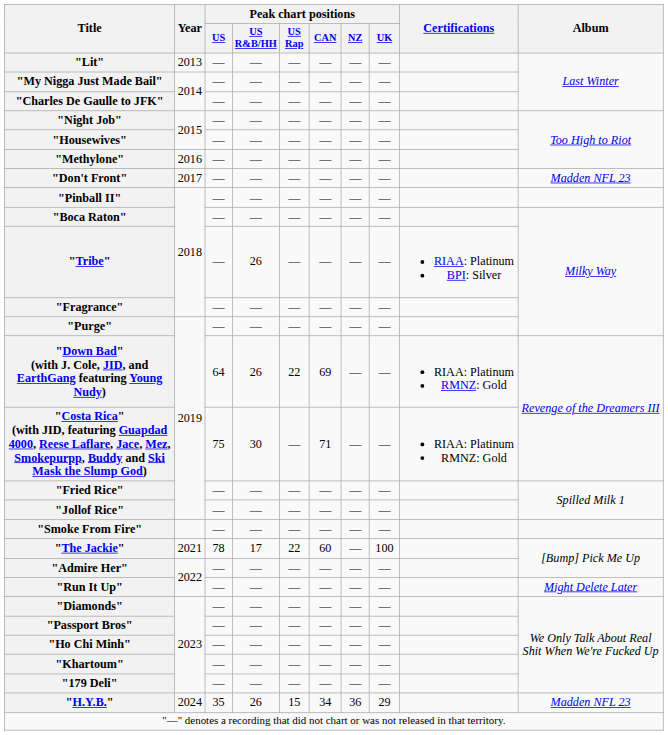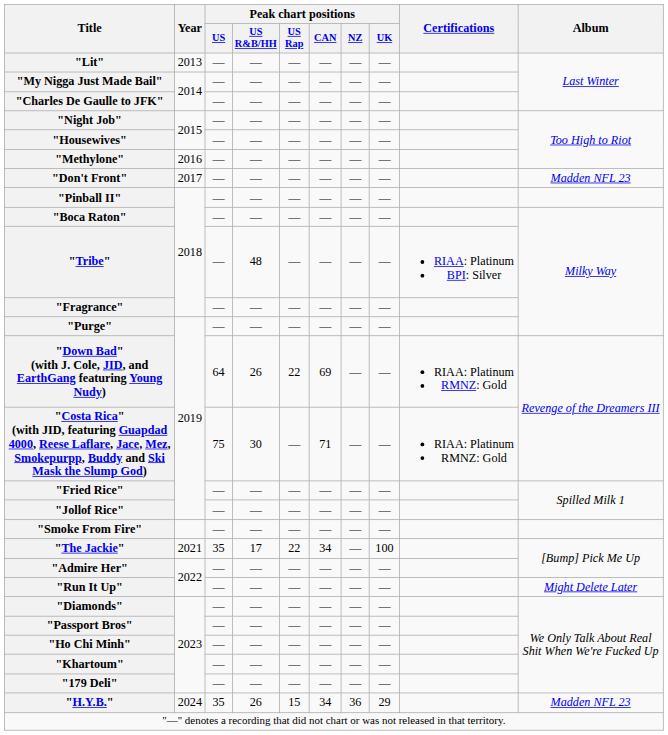 <table class="wikitable plainrowheaders" style="text-align:center;">
 <tr>
 <th scope="col" rowspan="2" style="width:20em;">Title</th>
 <th scope="col" rowspan="2" style="width:1em;">Year</th>
 <th scope="col" colspan="6">Peak chart positions</th>
 <th scope="col" rowspan="2" style="width:12em;"><a href='#'>Certifications</a></th>
 <th scope="col" rowspan="2" style="width:18em;">Album</th>
 </tr>
 <tr>
 <th scope="col" style="width:3em;font-size:85%;"><a href='#'>US</a><br></th>
 <th scope="col" style="width:3em;font-size:85%;"><a href='#'>US<br>R&B/HH</a><br></th>
 <th scope="col" style="width:3em;font-size:85%;"><a href='#'>US<br>Rap</a><br></th>
 <th scope="col" style="width:3em;font-size:85%;"><a href='#'>CAN</a><br></th>
 <th scope="col" style="width:3em;font-size:85%;"><a href='#'>NZ</a><br></th>
 <th scope="col" style="width:3em;font-size:85%;"><a href='#'>UK</a><br></th>
 </tr>
 <tr>
 <th scope="row">"Lit"<br></th>
 <td>2013</td>
 <td>—</td>
 <td>—</td>
 <td>—</td>
 <td>—</td>
 <td>—</td>
 <td>—</td>
 <td></td>
 <td rowspan="3"><em><a href='#'>Last Winter</a></em></td>
 </tr>
 <tr>
 <th scope="row">"My Nigga Just Made Bail"<br></th>
 <td rowspan="2">2014</td>
 <td>—</td>
 <td>—</td>
 <td>—</td>
 <td>—</td>
 <td>—</td>
 <td>—</td>
 <td></td>
 </tr>
 <tr>
 <th scope="row">"Charles De Gaulle to JFK"</th>
 <td>—</td>
 <td>—</td>
 <td>—</td>
 <td>—</td>
 <td>—</td>
 <td>—</td>
 <td></td>
 </tr>
 <tr>
 <th scope="row">"Night Job"<br></th>
 <td rowspan="2">2015</td>
 <td>—</td>
 <td>—</td>
 <td>—</td>
 <td>—</td>
 <td>—</td>
 <td>—</td>
 <td></td>
 <td rowspan="3"><em><a href='#'>Too High to Riot</a></em></td>
 </tr>
 <tr>
 <th scope="row">"Housewives"</th>
 <td>—</td>
 <td>—</td>
 <td>—</td>
 <td>—</td>
 <td>—</td>
 <td>—</td>
 <td></td>
 </tr>
 <tr>
 <th scope="row">"Methylone"</th>
 <td>2016</td>
 <td>—</td>
 <td>—</td>
 <td>—</td>
 <td>—</td>
 <td>—</td>
 <td>—</td>
 <td></td>
 </tr>
 <tr>
 <th scope="row">"Don't Front"</th>
 <td>2017</td>
 <td>—</td>
 <td>—</td>
 <td>—</td>
 <td>—</td>
 <td>—</td>
 <td>—</td>
 <td></td>
 <td><em><a href='#'>Madden NFL 23</a></em></td>
 </tr>
 <tr>
 <th scope="row">"Pinball II"<br></th>
 <td rowspan="4">2018</td>
 <td>—</td>
 <td>—</td>
 <td>—</td>
 <td>—</td>
 <td>—</td>
 <td>—</td>
 <td></td>
 </tr>
 <tr>
 <th scope="row">"Boca Raton"<br></th>
 <td>—</td>
 <td>—</td>
 <td>—</td>
 <td>—</td>
 <td>—</td>
 <td>—</td>
 <td></td>
 <td rowspan="4"><em><a href='#'>Milky Way</a></em></td>
 </tr>
 <tr>
 <th scope="row">"<a href='#'>Tribe</a>"<br></th>
 <td>—</td>
-<td>26</td>
+<td>48</td>
 <td>—</td>
 <td>—</td>
 <td>—</td>
 <td>—</td>
 <td><br><ul><li><a href='#'>RIAA</a>: Platinum</li><li><a href='#'>BPI</a>: Silver</li></ul></td>
 </tr>
 <tr>
 <th scope="row">"Fragrance"<br></th>
 <td>—</td>
 <td>—</td>
 <td>—</td>
 <td>—</td>
 <td>—</td>
 <td>—</td>
 <td></td>
 </tr>
 <tr>
 <th scope="row">"Purge"</th>
 <td rowspan="5">2019</td>
 <td>—</td>
 <td>—</td>
 <td>—</td>
 <td>—</td>
 <td>—</td>
 <td>—</td>
 <td></td>
 </tr>
 <tr>
 <th scope="row">"<a href='#'>Down Bad</a>"<br><span>(with J. Cole, <a href='#'>JID</a>, and <a href='#'>EarthGang</a> featuring <a href='#'>Young Nudy</a>)</span></th>
 <td>64</td>
 <td>26</td>
 <td>22</td>
 <td>69</td>
 <td>—</td>
 <td>—</td>
 <td><br><ul><li>RIAA: Platinum</li><li><a href='#'>RMNZ</a>: Gold</li></ul></td>
 <td rowspan="2"><em><a href='#'>Revenge of the Dreamers III</a></em></td>
 </tr>
 <tr>
 <th scope="row">"<a href='#'>Costa Rica</a>"<br><span>(with JID, featuring <a href='#'>Guapdad 4000</a>, <a href='#'>Reese Laflare</a>, <a href='#'>Jace</a>, <a href='#'>Mez</a>, <a href='#'>Smokepurpp</a>, <a href='#'>Buddy</a> and <a href='#'>Ski Mask the Slump God</a>)</span></th>
 <td>75</td>
 <td>30</td>
 <td>—</td>
 <td>71</td>
 <td>—</td>
 <td>—</td>
 <td><br><ul><li>RIAA: Platinum</li><li>RMNZ: Gold</li></ul></td>
 </tr>
 <tr>
 <th scope="row">"Fried Rice"<br></th>
 <td>—</td>
 <td>—</td>
 <td>—</td>
 <td>—</td>
 <td>—</td>
 <td>—</td>
 <td></td>
 <td rowspan="2"><em>Spilled Milk 1</em></td>
 </tr>
 <tr>
 <th scope="row">"Jollof Rice"<br></th>
 <td>—</td>
 <td>—</td>
 <td>—</td>
 <td>—</td>
 <td>—</td>
 <td>—</td>
 <td></td>
 </tr>
 <tr>
 <th scope="row">"Smoke From Fire"<br></th>
 <td></td>
 <td>—</td>
 <td>—</td>
 <td>—</td>
 <td>—</td>
 <td>—</td>
 <td>—</td>
 <td></td>
 <td></td>
 </tr>
 <tr>
 <th scope="row">"<a href='#'>The Jackie</a>"<br></th>
 <td>2021</td>
-<td>78</td>
+<td>35</td>
 <td>17</td>
 <td>22</td>
-<td>60</td>
+<td>34</td>
 <td>—</td>
 <td>100</td>
 <td></td>
 <td rowspan="2"><em>[Bump] Pick Me Up</em></td>
 </tr>
 <tr>
 <th scope="row">"Admire Her"<br></th>
 <td rowspan="2">2022</td>
 <td>—</td>
 <td>—</td>
 <td>—</td>
 <td>—</td>
 <td>—</td>
 <td>—</td>
 <td></td>
 </tr>
 <tr>
 <th scope="row">"Run It Up"</th>
 <td>—</td>
 <td>—</td>
 <td>—</td>
 <td>—</td>
 <td>—</td>
 <td>—</td>
 <td></td>
 <td><em><a href='#'>Might Delete Later</a></em></td>
 </tr>
 <tr>
 <th scope="row">"Diamonds"</th>
 <td rowspan="5">2023</td>
 <td>—</td>
 <td>—</td>
 <td>—</td>
 <td>—</td>
 <td>—</td>
 <td>—</td>
 <td></td>
 <td rowspan="5"><em>We Only Talk About Real Shit When We're Fucked Up</em></td>
 </tr>
 <tr>
 <th scope="row">"Passport Bros"<br></th>
 <td>—</td>
 <td>—</td>
 <td>—</td>
 <td>—</td>
 <td>—</td>
 <td>—</td>
 <td></td>
 </tr>
 <tr>
 <th scope="row">"Ho Chi Minh"</th>
 <td>—</td>
 <td>—</td>
 <td>—</td>
 <td>—</td>
 <td>—</td>
 <td>—</td>
 <td></td>
 </tr>
 <tr>
 <th scope="row">"Khartoum"<br></th>
 <td>—</td>
 <td>—</td>
 <td>—</td>
 <td>—</td>
 <td>—</td>
 <td>—</td>
 <td></td>
 </tr>
 <tr>
 <th scope="row">"179 Deli"<br></th>
 <td>—</td>
 <td>—</td>
 <td>—</td>
 <td>—</td>
 <td>—</td>
 <td>—</td>
 <td></td>
 </tr>
 <tr>
 <th scope="row">"<a href='#'>H.Y.B.</a>"<br></th>
 <td>2024</td>
 <td>35</td>
 <td>26</td>
 <td>15</td>
 <td>34</td>
 <td>36</td>
 <td>29</td>
 <td></td>
 <td><em><a href='#'>Madden NFL 23</a></em></td>
 </tr>
 <tr>
 <td colspan="14" style="font-size:90%">"—" denotes a recording that did not chart or was not released in that territory.</td>
 </tr>
 </table>
